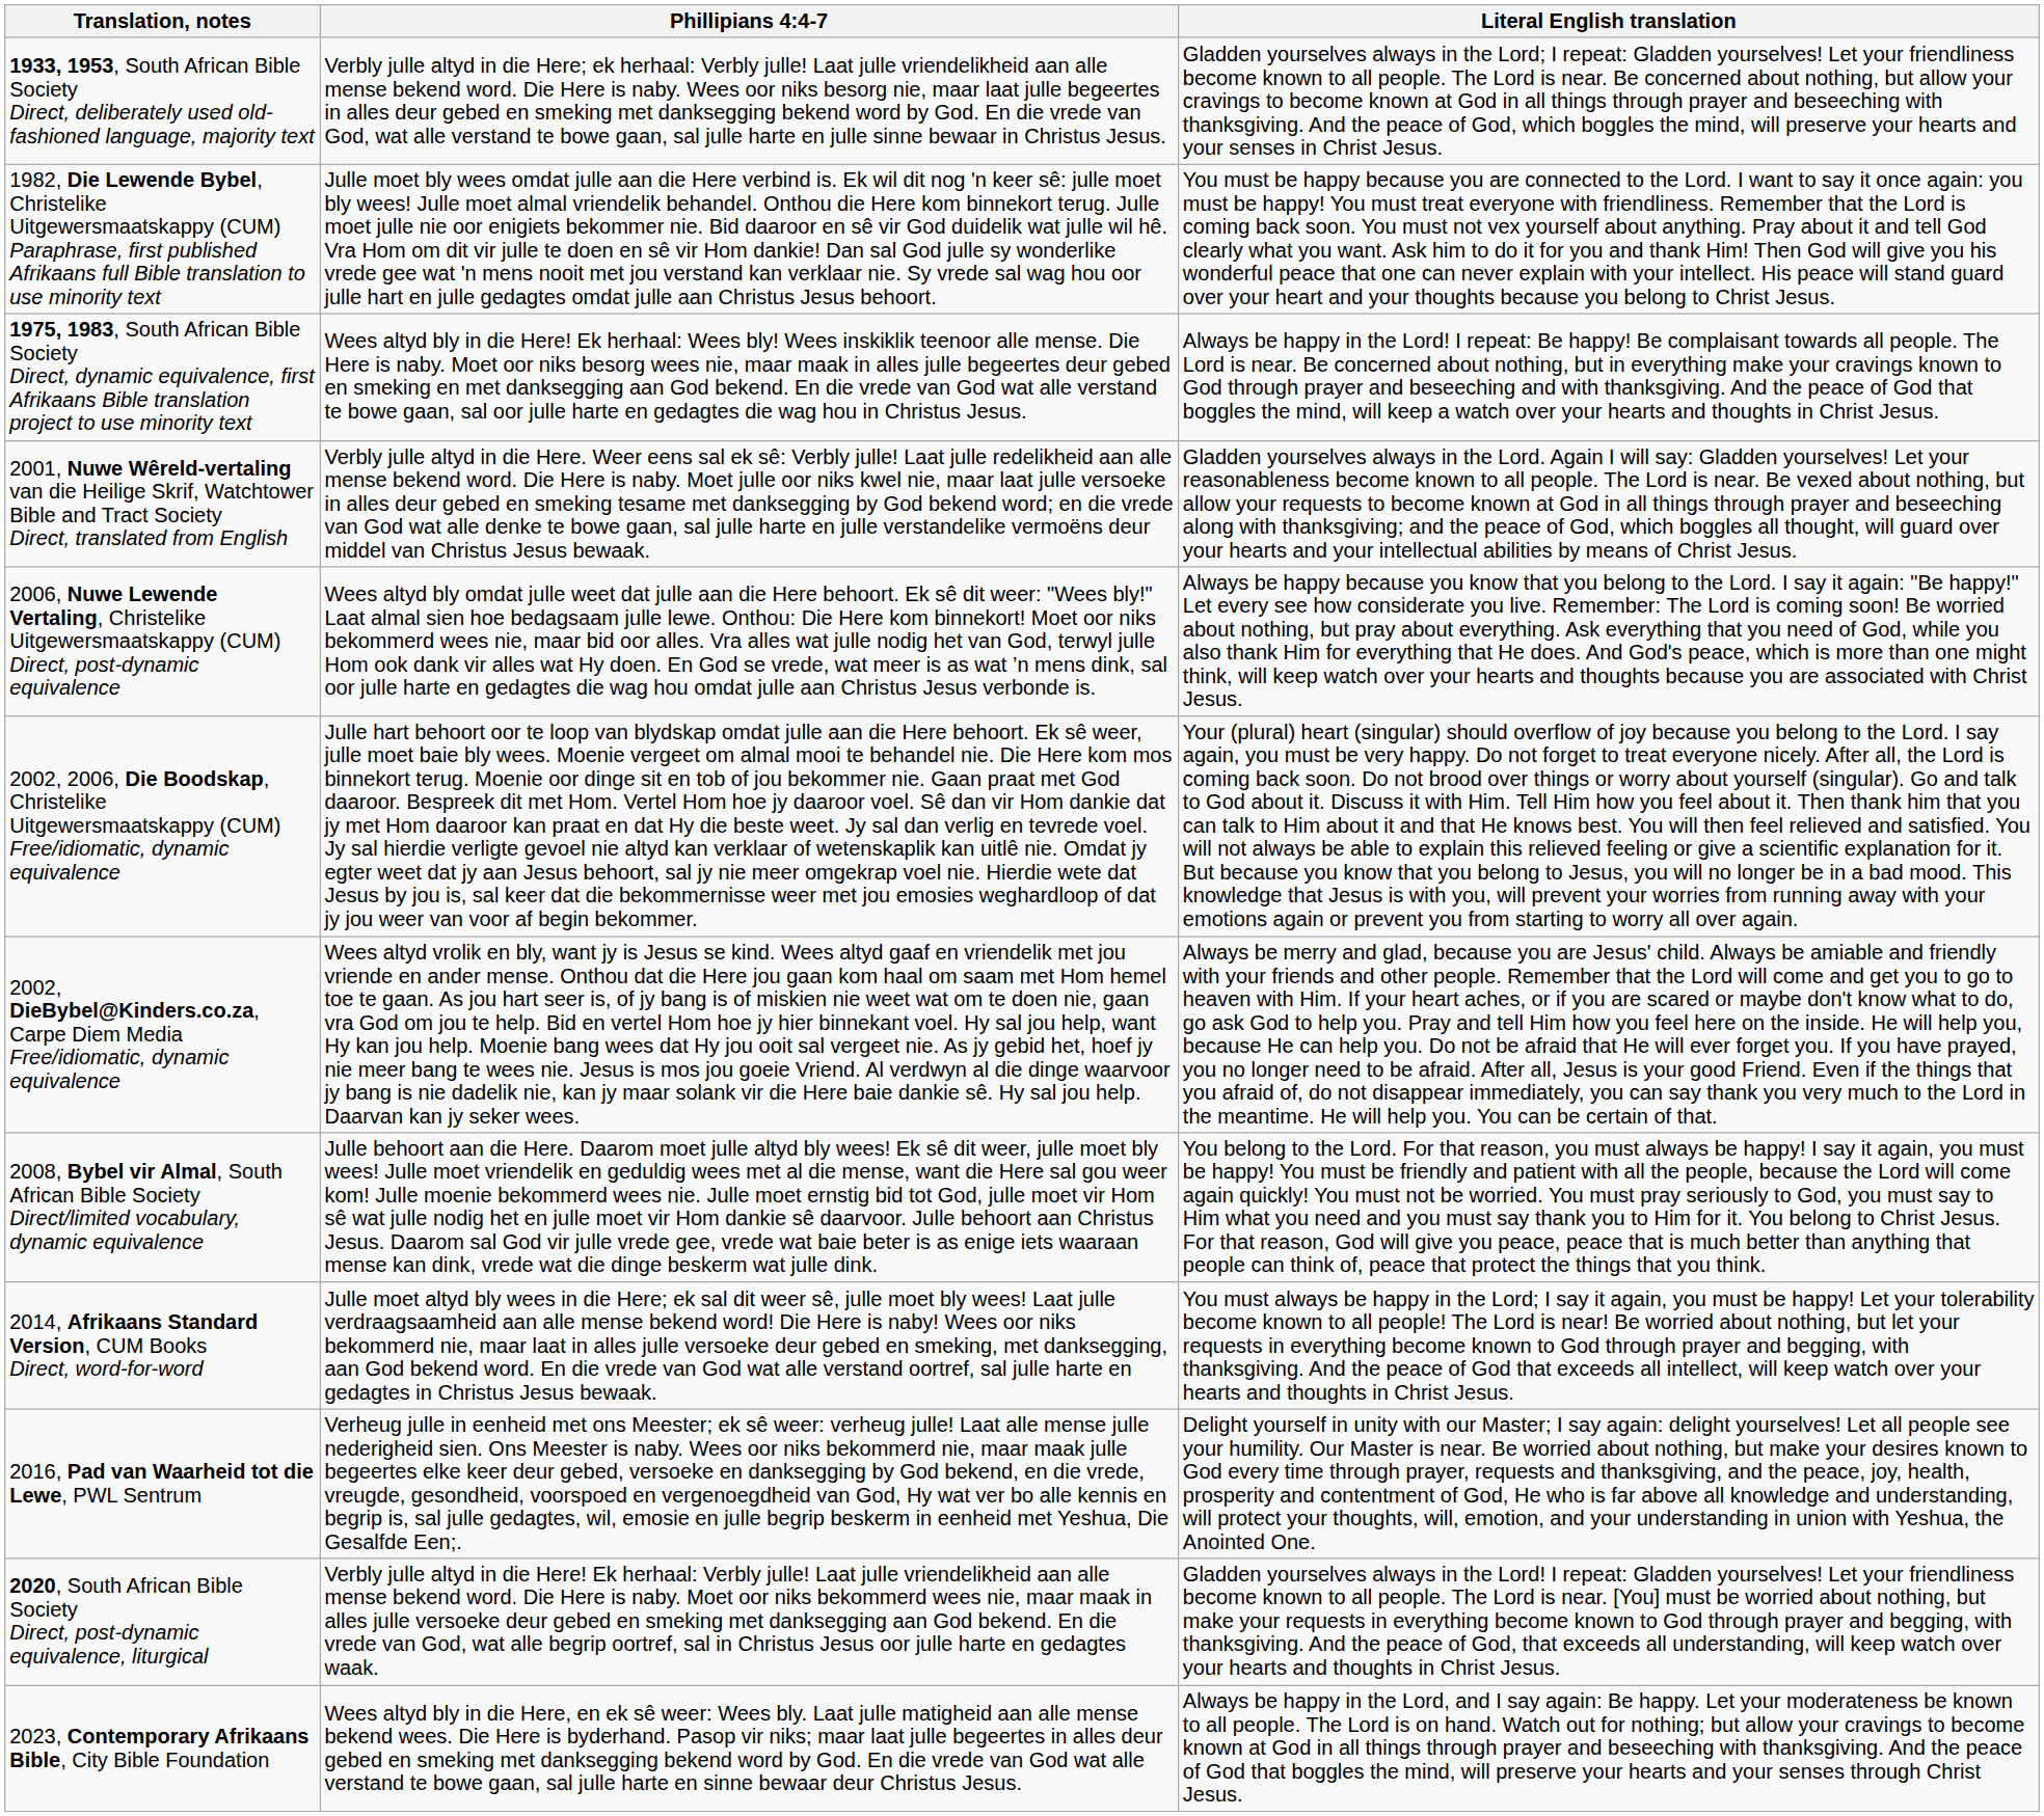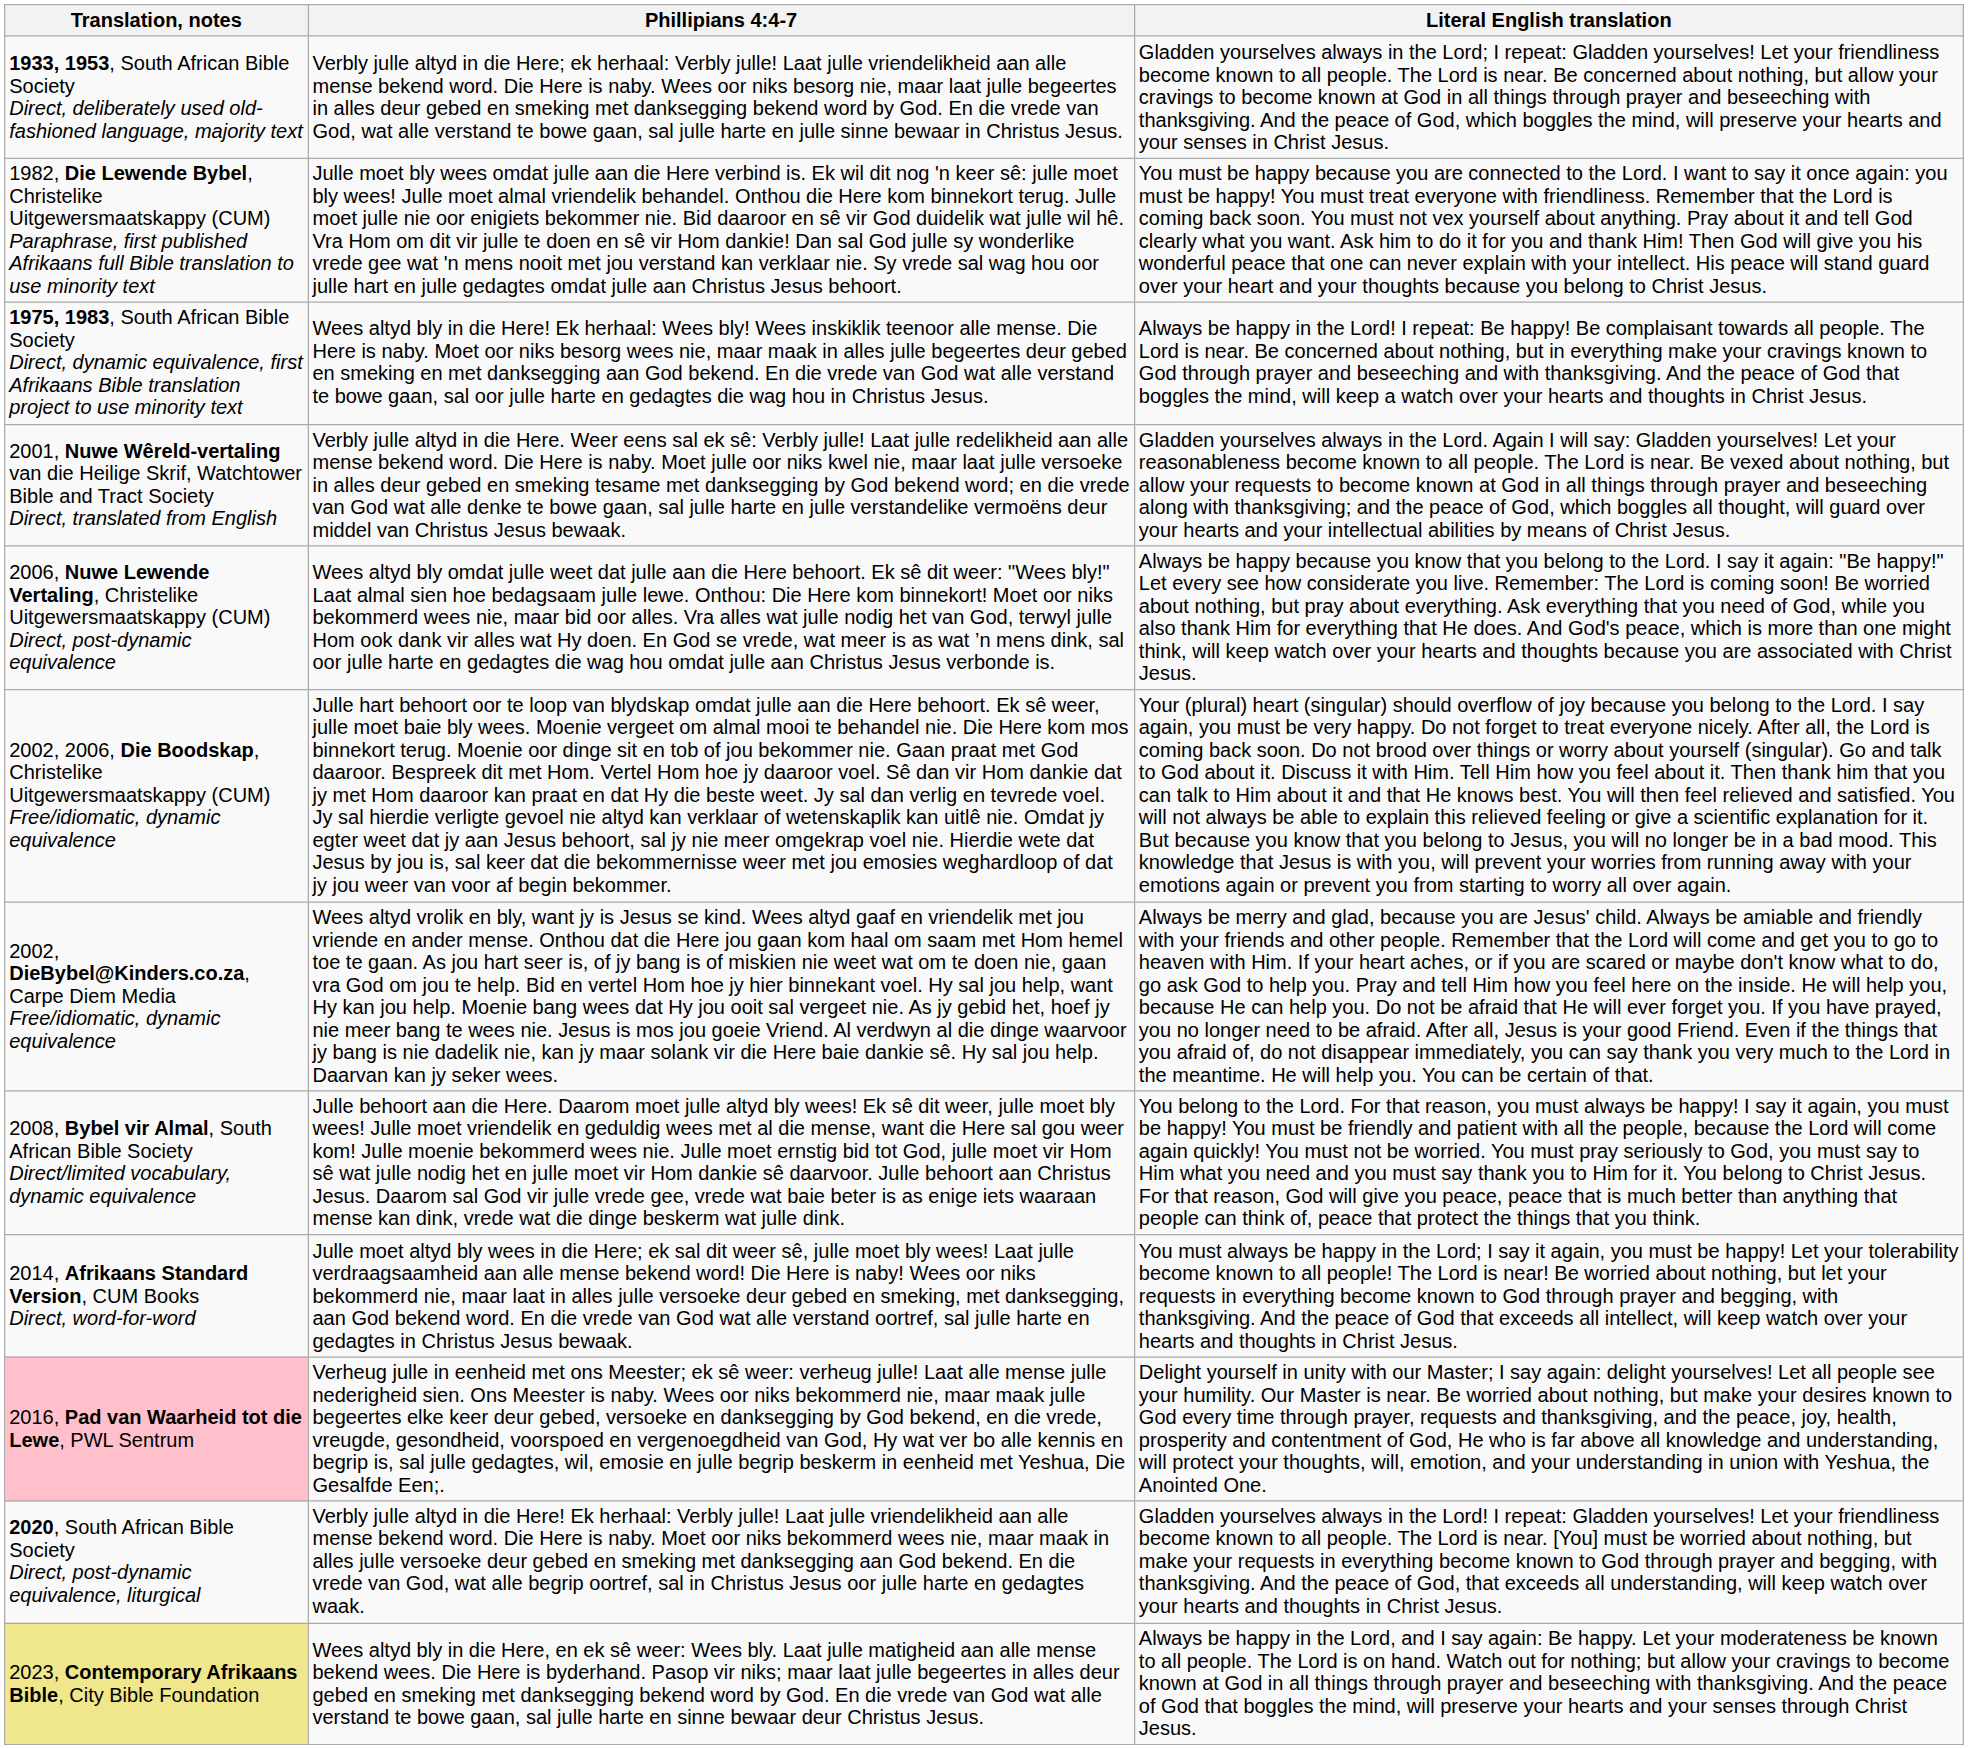 <table class="wikitable">
 <tr>
 <th>Translation, notes</th>
 <th>Phillipians 4:4-7</th>
 <th>Literal English translation</th>
 </tr>
 <tr>
 <td><strong>1933, 1953</strong>, South African Bible Society<br><em>Direct, deliberately used old-fashioned language, majority text</em></td>
 <td>Verbly julle altyd in die Here; ek herhaal: Verbly julle! Laat julle vriendelikheid aan alle mense bekend word. Die Here is naby. Wees oor niks besorg nie, maar laat julle begeertes in alles deur gebed en smeking met danksegging bekend word by God. En die vrede van God, wat alle verstand te bowe gaan, sal julle harte en julle sinne bewaar in Christus Jesus.</td>
 <td>Gladden yourselves always in the Lord; I repeat: Gladden yourselves! Let your friendliness become known to all people. The Lord is near. Be concerned about nothing, but allow your cravings to become known at God in all things through prayer and beseeching with thanksgiving. And the peace of God, which boggles the mind, will preserve your hearts and your senses in Christ Jesus.</td>
 </tr>
 <tr>
 <td>1982, <strong>Die Lewende Bybel</strong>, Christelike Uitgewersmaatskappy (CUM)<br><em>Paraphrase, first published Afrikaans full Bible translation to use minority text</em></td>
 <td>Julle moet bly wees omdat julle aan die Here verbind is. Ek wil dit nog 'n keer sê: julle moet bly wees! Julle moet almal vriendelik behandel. Onthou die Here kom binnekort terug. Julle moet julle nie oor enigiets bekommer nie. Bid daaroor en sê vir God duidelik wat julle wil hê. Vra Hom om dit vir julle te doen en sê vir Hom dankie! Dan sal God julle sy wonderlike vrede gee wat 'n mens nooit met jou verstand kan verklaar nie. Sy vrede sal wag hou oor julle hart en julle gedagtes omdat julle aan Christus Jesus behoort.</td>
 <td>You must be happy because you are connected to the Lord. I want to say it once again: you must be happy! You must treat everyone with friendliness. Remember that the Lord is coming back soon. You must not vex yourself about anything. Pray about it and tell God clearly what you want. Ask him to do it for you and thank Him! Then God will give you his wonderful peace that one can never explain with your intellect. His peace will stand guard over your heart and your thoughts because you belong to Christ Jesus.</td>
 </tr>
 <tr>
 <td><strong>1975, 1983</strong>, South African Bible Society<br><em>Direct, dynamic equivalence, first Afrikaans Bible translation project to use minority text</em></td>
 <td>Wees altyd bly in die Here! Ek herhaal: Wees bly! Wees inskiklik teenoor alle mense. Die Here is naby. Moet oor niks besorg wees nie, maar maak in alles julle begeertes deur gebed en smeking en met danksegging aan God bekend. En die vrede van God wat alle verstand te bowe gaan, sal oor julle harte en gedagtes die wag hou in Christus Jesus.</td>
 <td>Always be happy in the Lord! I repeat: Be happy! Be complaisant towards all people. The Lord is near. Be concerned about nothing, but in everything make your cravings known to God through prayer and beseeching and with thanksgiving. And the peace of God that boggles the mind, will keep a watch over your hearts and thoughts in Christ Jesus.</td>
 </tr>
 <tr>
 <td>2001, <strong>Nuwe Wêreld-vertaling</strong> van die Heilige Skrif, Watchtower Bible and Tract Society<br><em>Direct, translated from English</em></td>
 <td>Verbly julle altyd in die Here. Weer eens sal ek sê: Verbly julle! Laat julle redelikheid aan alle mense bekend word. Die Here is naby. Moet julle oor niks kwel nie, maar laat julle versoeke in alles deur gebed en smeking tesame met danksegging by God bekend word; en die vrede van God wat alle denke te bowe gaan, sal julle harte en julle verstandelike vermoëns deur middel van Christus Jesus bewaak.</td>
 <td>Gladden yourselves always in the Lord. Again I will say: Gladden yourselves! Let your reasonableness become known to all people. The Lord is near. Be vexed about nothing, but allow your requests to become known at God in all things through prayer and beseeching along with thanksgiving; and the peace of God, which boggles all thought, will guard over your hearts and your intellectual abilities by means of Christ Jesus.</td>
 </tr>
 <tr>
 <td>2006, <strong>Nuwe Lewende Vertaling</strong>, Christelike Uitgewersmaatskappy (CUM)<br><em>Direct, post-dynamic equivalence</em></td>
 <td>Wees altyd bly omdat julle weet dat julle aan die Here behoort. Ek sê dit weer: "Wees bly!" Laat almal sien hoe bedagsaam julle lewe. Onthou: Die Here kom binnekort! Moet oor niks bekommerd wees nie, maar bid oor alles. Vra alles wat julle nodig het van God, terwyl julle Hom ook dank vir alles wat Hy doen. En God se vrede, wat meer is as wat ’n mens dink, sal oor julle harte en gedagtes die wag hou omdat julle aan Christus Jesus verbonde is.</td>
 <td>Always be happy because you know that you belong to the Lord. I say it again: "Be happy!" Let every see how considerate you live. Remember: The Lord is coming soon! Be worried about nothing, but pray about everything. Ask everything that you need of God, while you also thank Him for everything that He does. And God's peace, which is more than one might think, will keep watch over your hearts and thoughts because you are associated with Christ Jesus.</td>
 </tr>
 <tr>
 <td>2002, 2006, <strong>Die Boodskap</strong>, Christelike Uitgewersmaatskappy (CUM)<br><em>Free/idiomatic, dynamic equivalence</em></td>
 <td>Julle hart behoort oor te loop van blydskap omdat julle aan die Here behoort. Ek sê weer, julle moet baie bly wees. Moenie vergeet om almal mooi te behandel nie. Die Here kom mos binnekort terug. Moenie oor dinge sit en tob of jou bekommer nie. Gaan praat met God daaroor. Bespreek dit met Hom. Vertel Hom hoe jy daaroor voel. Sê dan vir Hom dankie dat jy met Hom daaroor kan praat en dat Hy die beste weet. Jy sal dan verlig en tevrede voel. Jy sal hierdie verligte gevoel nie altyd kan verklaar of wetenskaplik kan uitlê nie. Omdat jy egter weet dat jy aan Jesus behoort, sal jy nie meer omgekrap voel nie. Hierdie wete dat Jesus by jou is, sal keer dat die bekommernisse weer met jou emosies weghardloop of dat jy jou weer van voor af begin bekommer.</td>
 <td>Your (plural) heart (singular) should overflow of joy because you belong to the Lord. I say again, you must be very happy. Do not forget to treat everyone nicely. After all, the Lord is coming back soon. Do not brood over things or worry about yourself (singular). Go and talk to God about it. Discuss it with Him. Tell Him how you feel about it. Then thank him that you can talk to Him about it and that He knows best. You will then feel relieved and satisfied. You will not always be able to explain this relieved feeling or give a scientific explanation for it. But because you know that you belong to Jesus, you will no longer be in a bad mood. This knowledge that Jesus is with you, will prevent your worries from running away with your emotions again or prevent you from starting to worry all over again.</td>
 </tr>
 <tr>
 <td>2002, <strong>DieBybel@Kinders.co.za</strong>, Carpe Diem Media<br><em>Free/idiomatic, dynamic equivalence</em></td>
 <td>Wees altyd vrolik en bly, want jy is Jesus se kind. Wees altyd gaaf en vriendelik met jou vriende en ander mense. Onthou dat die Here jou gaan kom haal om saam met Hom hemel toe te gaan. As jou hart seer is, of jy bang is of miskien nie weet wat om te doen nie, gaan vra God om jou te help. Bid en vertel Hom hoe jy hier binnekant voel. Hy sal jou help, want Hy kan jou help. Moenie bang wees dat Hy jou ooit sal vergeet nie. As jy gebid het, hoef jy nie meer bang te wees nie. Jesus is mos jou goeie Vriend. Al verdwyn al die dinge waarvoor jy bang is nie dadelik nie, kan jy maar solank vir die Here baie dankie sê. Hy sal jou help. Daarvan kan jy seker wees.</td>
 <td>Always be merry and glad, because you are Jesus' child. Always be amiable and friendly with your friends and other people. Remember that the Lord will come and get you to go to heaven with Him. If your heart aches, or if you are scared or maybe don't know what to do, go ask God to help you. Pray and tell Him how you feel here on the inside. He will help you, because He can help you. Do not be afraid that He will ever forget you. If you have prayed, you no longer need to be afraid. After all, Jesus is your good Friend. Even if the things that you afraid of, do not disappear immediately, you can say thank you very much to the Lord in the meantime. He will help you. You can be certain of that.</td>
 </tr>
 <tr>
 <td>2008, <strong>Bybel vir Almal</strong>, South African Bible Society<br><em>Direct/limited vocabulary, dynamic equivalence</em></td>
 <td>Julle behoort aan die Here. Daarom moet julle altyd bly wees! Ek sê dit weer, julle moet bly wees! Julle moet vriendelik en geduldig wees met al die mense, want die Here sal gou weer kom! Julle moenie bekommerd wees nie. Julle moet ernstig bid tot God, julle moet vir Hom sê wat julle nodig het en julle moet vir Hom dankie sê daarvoor. Julle behoort aan Christus Jesus. Daarom sal God vir julle vrede gee, vrede wat baie beter is as enige iets waaraan mense kan dink, vrede wat die dinge beskerm wat julle dink.</td>
 <td>You belong to the Lord. For that reason, you must always be happy! I say it again, you must be happy! You must be friendly and patient with all the people, because the Lord will come again quickly! You must not be worried. You must pray seriously to God, you must say to Him what you need and you must say thank you to Him for it. You belong to Christ Jesus. For that reason, God will give you peace, peace that is much better than anything that people can think of, peace that protect the things that you think.</td>
 </tr>
 <tr>
 <td>2014, <strong>Afrikaans Standard Version</strong>, CUM Books<br><em>Direct, word-for-word</em></td>
 <td>Julle moet altyd bly wees in die Here; ek sal dit weer sê, julle moet bly wees! Laat julle verdraagsaamheid aan alle mense bekend word! Die Here is naby! Wees oor niks bekommerd nie, maar laat in alles julle versoeke deur gebed en smeking, met danksegging, aan God bekend word. En die vrede van God wat alle verstand oortref, sal julle harte en gedagtes in Christus Jesus bewaak.</td>
 <td>You must always be happy in the Lord; I say it again, you must be happy! Let your tolerability become known to all people! The Lord is near! Be worried about nothing, but let your requests in everything become known to God through prayer and begging, with thanksgiving. And the peace of God that exceeds all intellect, will keep watch over your hearts and thoughts in Christ Jesus.</td>
 </tr>
 <tr>
-<td>2016, <strong>Pad van Waarheid tot die Lewe</strong>, PWL Sentrum</td>
+<td style="background: pink;">2016, <strong>Pad van Waarheid tot die Lewe</strong>, PWL Sentrum</td>
 <td>Verheug julle in eenheid met ons Meester; ek sê weer: verheug julle! Laat alle mense julle nederigheid sien. Ons Meester is naby. Wees oor niks bekommerd nie, maar maak julle begeertes elke keer deur gebed, versoeke en danksegging by God bekend, en die vrede, vreugde, gesondheid, voorspoed en vergenoegdheid van God, Hy wat ver bo alle kennis en begrip is, sal julle gedagtes, wil, emosie en julle begrip beskerm in eenheid met Yeshua, Die Gesalfde Een;.</td>
 <td>Delight yourself in unity with our Master; I say again: delight yourselves! Let all people see your humility. Our Master is near. Be worried about nothing, but make your desires known to God every time through prayer, requests and thanksgiving, and the peace, joy, health, prosperity and contentment of God, He who is far above all knowledge and understanding, will protect your thoughts, will, emotion, and your understanding in union with Yeshua, the Anointed One.</td>
 </tr>
 <tr>
 <td><strong>2020</strong>, South African Bible Society<br><em>Direct, post-dynamic equivalence, liturgical</em></td>
 <td>Verbly julle altyd in die Here! Ek herhaal: Verbly julle! Laat julle vriendelikheid aan alle mense bekend word. Die Here is naby. Moet oor niks bekommerd wees nie, maar maak in alles julle versoeke deur gebed en smeking met danksegging aan God bekend. En die vrede van God, wat alle begrip oortref, sal in Christus Jesus oor julle harte en gedagtes waak.</td>
 <td>Gladden yourselves always in the Lord! I repeat: Gladden yourselves! Let your friendliness become known to all people. The Lord is near. [You] must be worried about nothing, but make your requests in everything become known to God through prayer and begging, with thanksgiving. And the peace of God, that exceeds all understanding, will keep watch over your hearts and thoughts in Christ Jesus.</td>
 </tr>
 <tr>
-<td>2023, <strong>Contemporary Afrikaans Bible</strong>, City Bible Foundation</td>
+<td style="background: khaki;">2023, <strong>Contemporary Afrikaans Bible</strong>, City Bible Foundation</td>
 <td>Wees altyd bly in die Here, en ek sê weer: Wees bly. Laat julle matigheid aan alle mense bekend wees. Die Here is byderhand. Pasop vir niks; maar laat julle begeertes in alles deur gebed en smeking met danksegging bekend word by God. En die vrede van God wat alle verstand te bowe gaan, sal julle harte en sinne bewaar deur Christus Jesus.</td>
 <td>Always be happy in the Lord, and I say again: Be happy. Let your moderateness be known to all people. The Lord is on hand. Watch out for nothing; but allow your cravings to become known at God in all things through prayer and beseeching with thanksgiving. And the peace of God that boggles the mind, will preserve your hearts and your senses through Christ Jesus.</td>
 </tr>
 <tr>
 </tr>
 </table>
